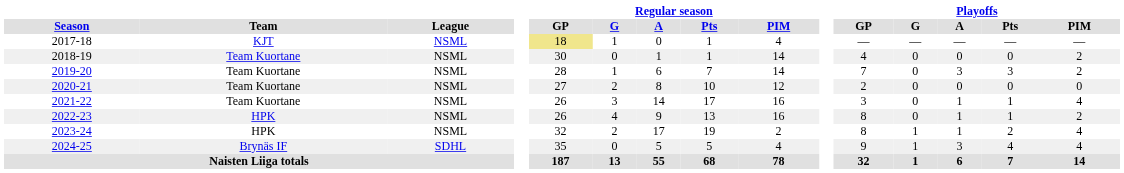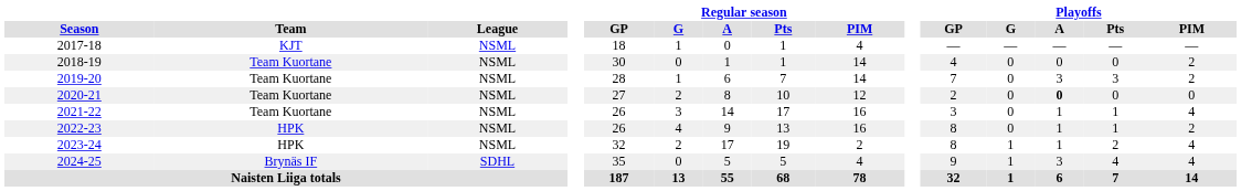 <table border="0" cellpadding="1" cellspacing="0" width="75%" style="text-align:center">
 <tr>
 <th colspan="3" bgcolor="#ffffff"> </th>
 <th rowspan="98" bgcolor="#ffffff"> </th>
 <th colspan="5"><a href='#'>Regular season</a></th>
 <th rowspan="98" bgcolor="#ffffff"> </th>
 <th colspan="5"><a href='#'>Playoffs</a></th>
 </tr>
 <tr bgcolor="#e0e0e0">
 <th><a href='#'>Season</a></th>
 <th>Team</th>
 <th>League</th>
 <th>GP</th>
 <th><a href='#'>G</a></th>
 <th><a href='#'>A</a></th>
 <th><a href='#'>Pts</a></th>
 <th><a href='#'>PIM</a></th>
 <th>GP</th>
 <th>G</th>
 <th>A</th>
 <th>Pts</th>
 <th>PIM</th>
 </tr>
 <tr>
 <td>2017-18</td>
 <td><a href='#'>KJT</a></td>
 <td><a href='#'>NSML</a></td>
-<td style="background: khaki;">18</td>
+<td>18</td>
 <td>1</td>
 <td>0</td>
 <td>1</td>
 <td>4</td>
 <td>—</td>
 <td>—</td>
 <td>—</td>
 <td>—</td>
 <td>—</td>
 </tr>
 <tr bgcolor="#f0f0f0">
 <td>2018-19</td>
 <td><a href='#'>Team Kuortane</a></td>
 <td>NSML</td>
 <td>30</td>
 <td>0</td>
 <td>1</td>
 <td>1</td>
 <td>14</td>
 <td>4</td>
 <td>0</td>
 <td>0</td>
 <td>0</td>
 <td>2</td>
 </tr>
 <tr>
 <td><a href='#'>2019-20</a></td>
 <td>Team Kuortane</td>
 <td>NSML</td>
 <td>28</td>
 <td>1</td>
 <td>6</td>
 <td>7</td>
 <td>14</td>
 <td>7</td>
 <td>0</td>
 <td>3</td>
 <td>3</td>
 <td>2</td>
 </tr>
 <tr bgcolor="#f0f0f0">
 <td><a href='#'>2020-21</a></td>
 <td>Team Kuortane</td>
 <td>NSML</td>
 <td>27</td>
 <td>2</td>
 <td>8</td>
 <td>10</td>
 <td>12</td>
 <td>2</td>
 <td>0</td>
-<td>0</td>
+<td><strong>0</strong></td>
 <td>0</td>
 <td>0</td>
 </tr>
 <tr>
 <td><a href='#'>2021-22</a></td>
 <td>Team Kuortane</td>
 <td>NSML</td>
 <td>26</td>
 <td>3</td>
 <td>14</td>
 <td>17</td>
 <td>16</td>
 <td>3</td>
 <td>0</td>
 <td>1</td>
 <td>1</td>
 <td>4</td>
 </tr>
 <tr bgcolor="#f0f0f0">
 <td><a href='#'>2022-23</a></td>
 <td><a href='#'>HPK</a></td>
 <td>NSML</td>
 <td>26</td>
 <td>4</td>
 <td>9</td>
 <td>13</td>
 <td>16</td>
 <td>8</td>
 <td>0</td>
 <td>1</td>
 <td>1</td>
 <td>2</td>
 </tr>
 <tr>
 <td><a href='#'>2023-24</a></td>
 <td>HPK</td>
 <td>NSML</td>
 <td>32</td>
 <td>2</td>
 <td>17</td>
 <td>19</td>
 <td>2</td>
 <td>8</td>
 <td>1</td>
 <td>1</td>
 <td>2</td>
 <td>4</td>
 </tr>
 <tr bgcolor="#f0f0f0">
 <td><a href='#'>2024-25</a></td>
 <td><a href='#'>Brynäs IF</a></td>
 <td><a href='#'>SDHL</a></td>
 <td>35</td>
 <td>0</td>
 <td>5</td>
 <td>5</td>
 <td>4</td>
 <td>9</td>
 <td>1</td>
 <td>3</td>
 <td>4</td>
 <td>4</td>
 </tr>
 <tr bgcolor="#e0e0e0">
 <th colspan="3">Naisten Liiga totals</th>
 <th>187</th>
 <th>13</th>
 <th>55</th>
 <th>68</th>
 <th>78</th>
 <th>32</th>
 <th>1</th>
 <th>6</th>
 <th>7</th>
 <th>14</th>
 </tr>
 </table>
